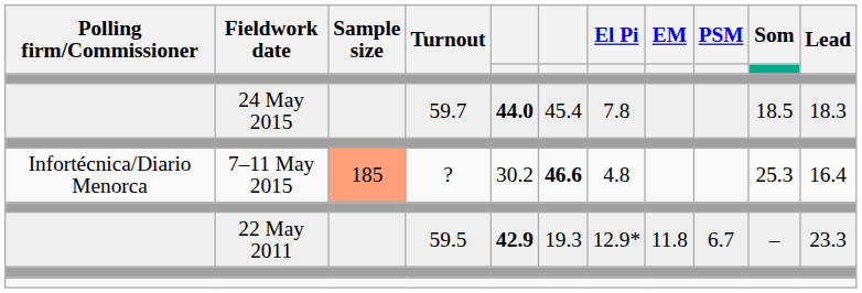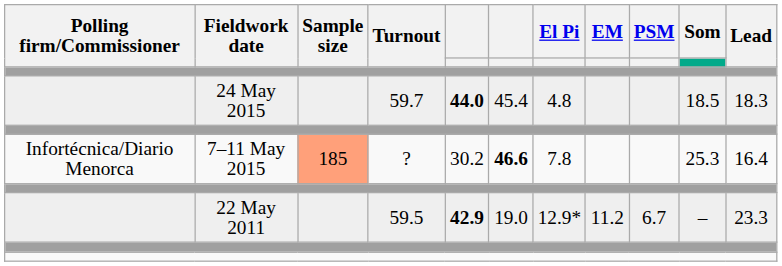 <table class="wikitable collapsible collapsed" style="text-align:center; font-size:95%; line-height:16px;">
 <tr style="height:42px;">
 <th style="width:250px;" rowspan="2">Polling firm/Commissioner</th>
 <th style="width:125px;" rowspan="2">Fieldwork date</th>
 <th style="width:50px;" rowspan="2">Sample size</th>
 <th style="width:45px;" rowspan="2">Turnout</th>
 <th style="width:35px;"></th>
 <th style="width:35px;"></th>
 <th style="width:35px;"><a href='#'>El Pi</a></th>
 <th style="width:35px;"><a href='#'>EM</a></th>
 <th style="width:35px;"><a href='#'>PSM</a></th>
 <th style="width:35px;">Som</th>
 <th style="width:30px;" rowspan="2">Lead</th>
 </tr>
 <tr>
 <th style="color:inherit;background:"></th>
 <th style="color:inherit;background:"></th>
 <th style="color:inherit;background:"></th>
 <th style="color:inherit;background:"></th>
 <th style="color:inherit;background:"></th>
 <th style="color:inherit;background:#00AA8A;"></th>
 </tr>
 <tr>
 <td colspan="11" style="background:#A0A0A0"></td>
 </tr>
 <tr style="background:#EFEFEF;">
 <td><strong></strong></td>
 <td>24 May 2015</td>
 <td></td>
 <td>59.7</td>
 <td><strong>44.0</strong><br></td>
 <td>45.4<br></td>
-<td>7.8<br></td>
+<td>4.8<br></td>
 <td></td>
 <td></td>
 <td>18.5<br></td>
 <td style="background:">18.3</td>
 </tr>
 <tr>
 <td colspan="11" style="background:#A0A0A0"></td>
 </tr>
 <tr>
 <td>Infortécnica/Diario Menorca</td>
 <td>7–11 May 2015</td>
 <td style="background: lightsalmon;">185</td>
 <td>?</td>
 <td>30.2<br></td>
 <td><strong>46.6</strong><br></td>
-<td>4.8<br></td>
+<td>7.8<br></td>
 <td></td>
 <td></td>
 <td>25.3<br></td>
 <td style="background:">16.4</td>
 </tr>
 <tr>
 <td colspan="11" style="background:#A0A0A0"></td>
 </tr>
 <tr style="background:#EFEFEF;">
 <td><strong></strong></td>
 <td>22 May 2011</td>
 <td></td>
 <td>59.5</td>
 <td><strong>42.9</strong><br></td>
-<td>19.3<br></td>
+<td>19.0<br></td>
 <td>12.9*<br></td>
-<td>11.8<br></td>
+<td>11.2<br></td>
 <td>6.7<br></td>
 <td>–</td>
 <td style="background:">23.3</td>
 </tr>
 <tr>
 <td colspan="11" style="background:#A0A0A0"></td>
 </tr>
 <tr>
 <td align="left" colspan="11"></td>
 </tr>
 </table>
